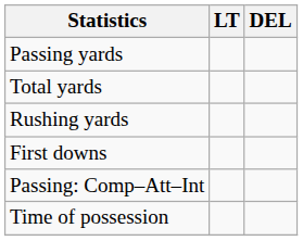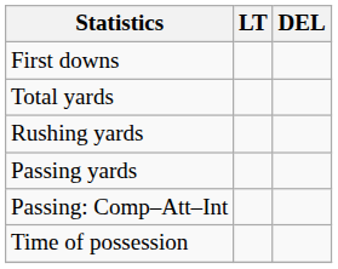 <table class="wikitable" style="float: left;">
 <tr>
 <th>Statistics</th>
 <th>LT</th>
 <th>DEL</th>
 </tr>
 <tr>
-<td>Passing yards</td>
+<td>First downs</td>
 <td></td>
 <td></td>
 </tr>
 <tr>
 <td>Total yards</td>
 <td></td>
 <td></td>
 </tr>
 <tr>
 <td>Rushing yards</td>
 <td></td>
 <td></td>
 </tr>
 <tr>
-<td>First downs</td>
+<td>Passing yards</td>
 <td></td>
 <td></td>
 </tr>
 <tr>
 <td>Passing: Comp–Att–Int</td>
 <td></td>
 <td></td>
 </tr>
 <tr>
 <td>Time of possession</td>
 <td></td>
 <td></td>
 </tr>
 <tr>
 </tr>
 </table>
